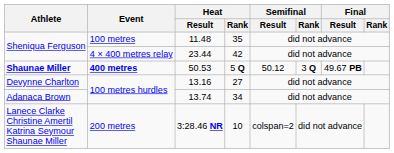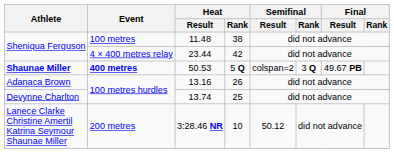 <table class="wikitable" style="font-size:90%">
 <tr>
 <th rowspan="2">Athlete</th>
 <th rowspan="2">Event</th>
 <th colspan="2">Heat</th>
 <th colspan="2">Semifinal</th>
 <th colspan="2">Final</th>
 </tr>
 <tr style="font-size:95%">
 <th>Result</th>
 <th>Rank</th>
 <th>Result</th>
 <th>Rank</th>
 <th>Result</th>
 <th>Rank</th>
 </tr>
 <tr style=text-align:center>
 <td rowspan =2 style=text-align:left><a href='#'>Sheniqua Ferguson</a></td>
 <td style=text-align:left><a href='#'>100 metres</a></td>
 <td>11.48</td>
-<td>35</td>
+<td>38</td>
 <td colspan=4>did not advance</td>
 </tr>
 <tr style=text-align:center>
 <td style=text-align:left><a href='#'>4 × 400 metres relay</a></td>
 <td>23.44</td>
 <td>42</td>
 <td colspan=4>did not advance</td>
 </tr>
 <tr style=text-align:center>
 <td style=text-align:left><strong><a href='#'>Shaunae Miller</a></strong></td>
 <td style=text-align:left><strong><a href='#'>400 metres</a></strong></td>
 <td>50.53</td>
 <td>5 <strong>Q</strong></td>
-<td>50.12</td>
+<td>colspan=2 </td>
 <td>3 <strong>Q</strong></td>
 <td>49.67 <strong>PB</strong></td>
 <td></td>
 </tr>
 <tr style=text-align:center>
-<td style=text-align:left><a href='#'>Devynne Charlton</a></td>
+<td style=text-align:left><a href='#'>Adanaca Brown</a></td>
 <td rowspan =2 style=text-align:left><a href='#'>100 metres hurdles</a></td>
 <td>13.16</td>
-<td>27</td>
+<td>26</td>
 <td colspan=4>did not advance</td>
 </tr>
 <tr style=text-align:center>
-<td style=text-align:left><a href='#'>Adanaca Brown</a></td>
+<td style=text-align:left><a href='#'>Devynne Charlton</a></td>
 <td>13.74</td>
-<td>34</td>
+<td>25</td>
 <td colspan=4>did not advance</td>
 </tr>
 <tr style=text-align:center>
 <td style=text-align:left><a href='#'>Lanece Clarke</a><br><a href='#'>Christine Amertil</a><br><a href='#'>Katrina Seymour</a><br><a href='#'>Shaunae Miller</a></td>
 <td style=text-align:left><a href='#'>200 metres</a></td>
 <td>3:28.46 <strong><a href='#'>NR</a></strong></td>
 <td>10</td>
-<td>colspan=2 </td>
+<td>50.12</td>
 <td colspan=2>did not advance</td>
 </tr>
 </table>
